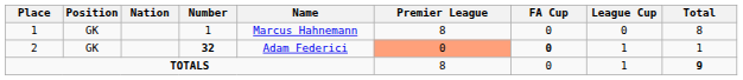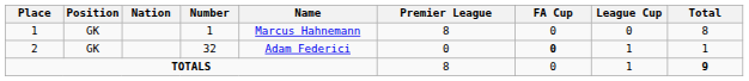 <table class="wikitable" style="font-size: 95%; text-align: center;">
 <tr>
 <th width=60>Place</th>
 <th width=60>Position</th>
 <th width=60>Nation</th>
 <th width=60>Number</th>
 <th width=150>Name</th>
 <th width=150>Premier League</th>
 <th width=80>FA Cup</th>
 <th width=80>League Cup</th>
 <th width=80>Total</th>
 </tr>
 <tr>
 <td>1</td>
 <td>GK</td>
 <td></td>
 <td>1</td>
 <td><a href='#'>Marcus Hahnemann</a></td>
 <td>8</td>
 <td>0</td>
 <td>0</td>
 <td>8</td>
 </tr>
 <tr>
 <td>2</td>
 <td>GK</td>
 <td></td>
-<td><strong>32</strong></td>
+<td>32</td>
 <td><a href='#'>Adam Federici</a></td>
-<td style="background: lightsalmon;">0</td>
+<td>0</td>
 <td><strong>0</strong></td>
 <td>1</td>
 <td>1</td>
 </tr>
 <tr>
 <td colspan="5"><strong>TOTALS</strong></td>
 <td>8</td>
 <td>0</td>
 <td>1</td>
 <td><strong>9</strong></td>
 </tr>
 </table>
